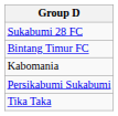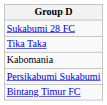 <table class="wikitable">
 <tr>
 <th><strong>Group D</strong></th>
 </tr>
 <tr>
 <td><a href='#'>Sukabumi 28 FC</a></td>
 </tr>
 <tr>
-<td><a href='#'>Bintang Timur FC</a></td>
+<td><a href='#'>Tika Taka</a></td>
 </tr>
 <tr>
 <td>Kabomania</td>
 </tr>
 <tr>
 <td><a href='#'>Persikabumi Sukabumi</a></td>
 </tr>
 <tr>
-<td><a href='#'>Tika Taka</a></td>
+<td><a href='#'>Bintang Timur FC</a></td>
 </tr>
 </table>
